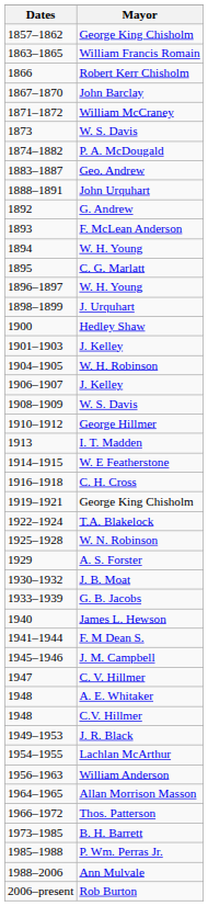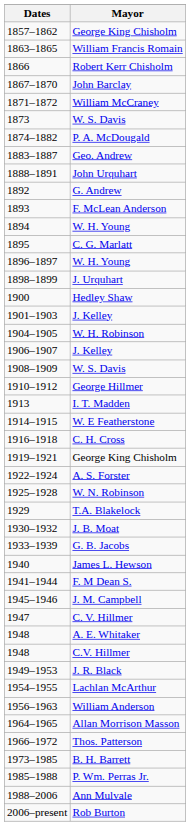 <table class="wikitable">
 <tr>
 </tr>
 <tr>
 <th scope="col">Dates</th>
 <th scope="col">Mayor</th>
 </tr>
 <tr>
 <td>1857–1862</td>
 <td><a href='#'>George King Chisholm</a></td>
 </tr>
 <tr>
 <td>1863–1865</td>
 <td><a href='#'>William Francis Romain</a></td>
 </tr>
 <tr>
 <td>1866</td>
 <td><a href='#'>Robert Kerr Chisholm</a></td>
 </tr>
 <tr>
 <td>1867–1870</td>
 <td><a href='#'>John Barclay</a></td>
 </tr>
 <tr>
 <td>1871–1872</td>
 <td><a href='#'>William McCraney</a></td>
 </tr>
 <tr>
 <td>1873</td>
 <td><a href='#'>W. S. Davis</a></td>
 </tr>
 <tr>
 <td>1874–1882</td>
 <td><a href='#'>P. A. McDougald</a></td>
 </tr>
 <tr>
 <td>1883–1887</td>
 <td><a href='#'>Geo. Andrew</a></td>
 </tr>
 <tr>
 <td>1888–1891</td>
 <td><a href='#'>John Urquhart</a></td>
 </tr>
 <tr>
 <td>1892</td>
 <td><a href='#'>G. Andrew</a></td>
 </tr>
 <tr>
 <td>1893</td>
 <td><a href='#'>F. McLean Anderson</a></td>
 </tr>
 <tr>
 <td>1894</td>
 <td><a href='#'>W. H. Young</a></td>
 </tr>
 <tr>
 <td>1895</td>
 <td><a href='#'>C. G. Marlatt</a></td>
 </tr>
 <tr>
 <td>1896–1897</td>
 <td><a href='#'>W. H. Young</a></td>
 </tr>
 <tr>
 <td>1898–1899</td>
 <td><a href='#'>J. Urquhart</a></td>
 </tr>
 <tr>
 <td>1900</td>
 <td><a href='#'>Hedley Shaw</a></td>
 </tr>
 <tr>
 <td>1901–1903</td>
 <td><a href='#'>J. Kelley</a></td>
 </tr>
 <tr>
 <td>1904–1905</td>
 <td><a href='#'>W. H. Robinson</a></td>
 </tr>
 <tr>
 <td>1906–1907</td>
 <td><a href='#'>J. Kelley</a></td>
 </tr>
 <tr>
 <td>1908–1909</td>
 <td><a href='#'>W. S. Davis</a></td>
 </tr>
 <tr>
 <td>1910–1912</td>
 <td><a href='#'>George Hillmer</a></td>
 </tr>
 <tr>
 <td>1913</td>
 <td><a href='#'>I. T. Madden</a></td>
 </tr>
 <tr>
 <td>1914–1915</td>
 <td><a href='#'>W. E Featherstone</a></td>
 </tr>
 <tr>
 <td>1916–1918</td>
 <td><a href='#'>C. H. Cross</a></td>
 </tr>
 <tr>
 <td>1919–1921</td>
 <td>George King Chisholm</td>
 </tr>
 <tr>
 <td>1922–1924</td>
-<td><a href='#'>T.A. Blakelock</a></td>
+<td><a href='#'>A. S. Forster</a></td>
 </tr>
 <tr>
 <td>1925–1928</td>
 <td><a href='#'>W. N. Robinson</a></td>
 </tr>
 <tr>
 <td>1929</td>
-<td><a href='#'>A. S. Forster</a></td>
+<td><a href='#'>T.A. Blakelock</a></td>
 </tr>
 <tr>
 <td>1930–1932</td>
 <td><a href='#'>J. B. Moat</a></td>
 </tr>
 <tr>
 <td>1933–1939</td>
 <td><a href='#'>G. B. Jacobs</a></td>
 </tr>
 <tr>
 <td>1940</td>
 <td><a href='#'>James L. Hewson</a></td>
 </tr>
 <tr>
 <td>1941–1944</td>
 <td><a href='#'>F. M Dean S.</a></td>
 </tr>
 <tr>
 <td>1945–1946</td>
 <td><a href='#'>J. M. Campbell</a></td>
 </tr>
 <tr>
 <td>1947</td>
 <td><a href='#'>C. V. Hillmer</a></td>
 </tr>
 <tr>
 <td>1948</td>
 <td><a href='#'>A. E. Whitaker</a></td>
 </tr>
 <tr>
 <td>1948</td>
 <td><a href='#'>C.V. Hillmer</a></td>
 </tr>
 <tr>
 <td>1949–1953</td>
 <td><a href='#'>J. R. Black</a></td>
 </tr>
 <tr>
 <td>1954–1955</td>
 <td><a href='#'>Lachlan McArthur</a></td>
 </tr>
 <tr>
 <td>1956–1963</td>
 <td><a href='#'>William Anderson</a></td>
 </tr>
 <tr>
 <td>1964–1965</td>
 <td><a href='#'>Allan Morrison Masson</a></td>
 </tr>
 <tr>
 <td>1966–1972</td>
 <td><a href='#'>Thos. Patterson</a></td>
 </tr>
 <tr>
 <td>1973–1985</td>
 <td><a href='#'>B. H. Barrett</a></td>
 </tr>
 <tr>
 <td>1985–1988</td>
 <td><a href='#'>P. Wm. Perras Jr.</a></td>
 </tr>
 <tr>
 <td>1988–2006</td>
 <td><a href='#'>Ann Mulvale</a></td>
 </tr>
 <tr>
 <td>2006–present</td>
 <td><a href='#'>Rob Burton</a></td>
 </tr>
 </table>
